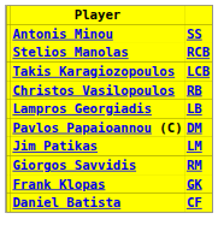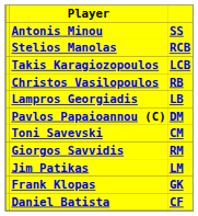 <table class="toccolours" border="0" cellpadding="2" cellspacing="0" align="center" style="margin: 0.5em 0 1em 1em; background: #000000; border: 1px #aaaaaa solid;">
 <tr bgcolor=#FFFF00>
 <th></th>
 <th>Player</th>
 <th></th>
 </tr>
 <tr bgcolor=#FFFF00>
 <td></td>
 <td><a href='#'><span><strong>Antonis Minou</strong></span></a></td>
 <td><a href='#'><strong>SS</strong></a></td>
 </tr>
 <tr bgcolor=#FFFF00>
 <td></td>
 <td><a href='#'><span><strong>Stelios Manolas</strong></span></a></td>
 <td><a href='#'><strong>RCB</strong></a></td>
 </tr>
 <tr bgcolor=#FFFF00>
 <td></td>
 <td><a href='#'><span><strong>Takis Karagiozopoulos</strong></span></a></td>
 <td><a href='#'><strong>LCB</strong></a></td>
 </tr>
 <tr bgcolor=#FFFF00>
 <td></td>
 <td><a href='#'><span><strong>Christos Vasilopoulos</strong></span></a></td>
 <td><a href='#'><strong>RB</strong></a></td>
 </tr>
 <tr bgcolor=#FFFF00>
 <td></td>
 <td><a href='#'><span><strong>Lampros Georgiadis</strong></span></a></td>
 <td><a href='#'><strong>LB</strong></a></td>
 </tr>
 <tr bgcolor=#FFFF00>
 <td></td>
 <td><a href='#'><span><strong>Pavlos Papaioannou</strong></span></a> <strong>(C)</strong></td>
 <td><a href='#'><strong>DM</strong></a></td>
 </tr>
 <tr bgcolor=#FFFF00>
 <td></td>
-<td><a href='#'><span><strong>Jim Patikas</strong></span></a></td>
-<td><a href='#'><strong>LM</strong></a></td>
+<td><a href='#'><span><strong>Toni Savevski</strong></span></a></td>
+<td><a href='#'><strong>CM</strong></a></td>
 </tr>
 <tr bgcolor=#FFFF00>
 <td></td>
 <td><a href='#'><span><strong>Giorgos Savvidis</strong></span></a></td>
 <td><a href='#'><strong>RM</strong></a></td>
+</tr>
+<tr bgcolor=#FFFF00>
+<td></td>
+<td><a href='#'><span><strong>Jim Patikas</strong></span></a></td>
+<td><a href='#'><strong>LM</strong></a></td>
 </tr>
 <tr bgcolor=#FFFF00>
 <td></td>
 <td><a href='#'><span><strong>Frank Klopas</strong></span></a></td>
 <td><a href='#'><strong>GK</strong></a></td>
 </tr>
 <tr bgcolor=#FFFF00>
 <td></td>
 <td><a href='#'><span><strong>Daniel Batista</strong></span></a></td>
 <td><a href='#'><strong>CF</strong></a></td>
 </tr>
 </table>
